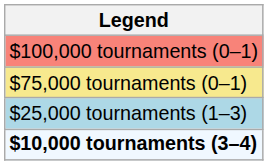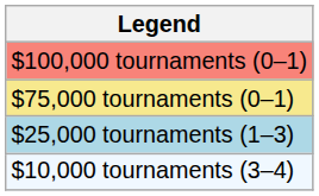 <table class="wikitable" style="font-size:85%;">
 <tr>
 <th>Legend</th>
 </tr>
 <tr bgcolor="#F88379">
 <td>$100,000 tournaments (0–1)</td>
 </tr>
 <tr bgcolor="#F7E98E">
 <td>$75,000 tournaments (0–1)</td>
 </tr>
 <tr bgcolor="lightblue">
 <td>$25,000 tournaments (1–3)</td>
 </tr>
 <tr bgcolor="#f0f8ff">
-<td><strong>$10,000 tournaments (3–4)</strong></td>
+<td>$10,000 tournaments (3–4)</td>
 </tr>
 </table>
